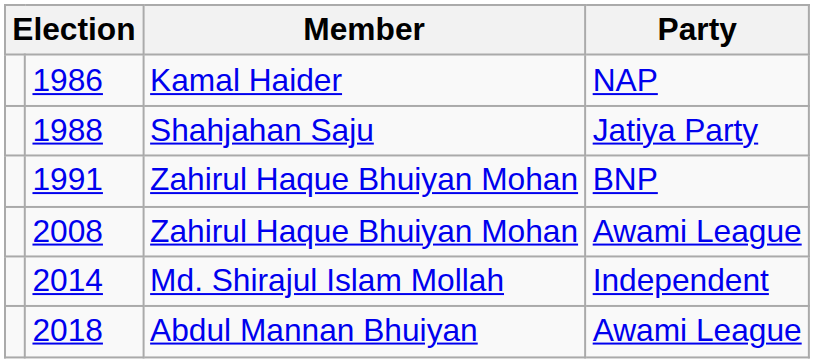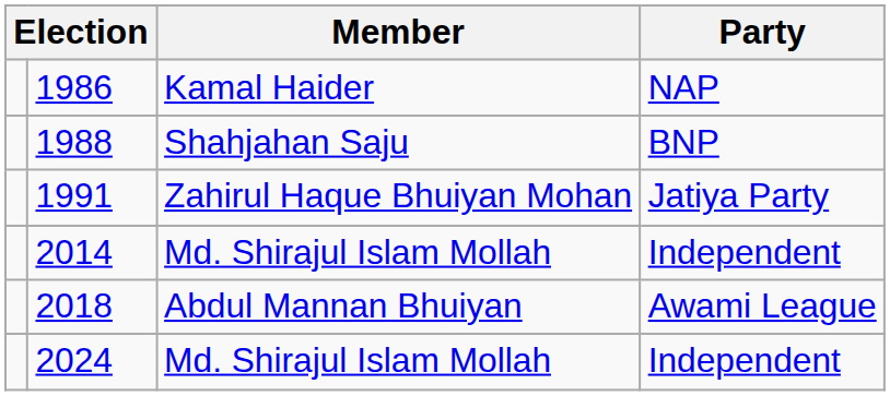 <table class="wikitable">
 <tr>
 <th colspan="2">Election</th>
 <th>Member</th>
 <th>Party</th>
 </tr>
 <tr>
 <td style="background-color:"></td>
 <td><a href='#'>1986</a></td>
 <td><a href='#'>Kamal Haider</a></td>
 <td><a href='#'>NAP</a></td>
 </tr>
 <tr>
 <td style="background-color:"></td>
 <td><a href='#'>1988</a></td>
 <td><a href='#'>Shahjahan Saju</a></td>
-<td><a href='#'>Jatiya Party</a></td>
+<td><a href='#'>BNP</a></td>
 </tr>
 <tr>
 <td style="background-color:"></td>
 <td><a href='#'>1991</a></td>
 <td><a href='#'>Zahirul Haque Bhuiyan Mohan</a></td>
-<td><a href='#'>BNP</a></td>
-</tr>
-<tr>
-<td style="background-color:"></td>
-<td><a href='#'>2008</a></td>
-<td><a href='#'>Zahirul Haque Bhuiyan Mohan</a></td>
-<td><a href='#'>Awami League</a></td>
+<td><a href='#'>Jatiya Party</a></td>
 </tr>
 <tr>
 <td style="background-color:"></td>
 <td><a href='#'>2014</a></td>
 <td><a href='#'>Md. Shirajul Islam Mollah</a></td>
 <td><a href='#'>Independent</a></td>
 </tr>
 <tr>
 <td style="background-color:"></td>
 <td><a href='#'>2018</a></td>
 <td><a href='#'>Abdul Mannan Bhuiyan</a></td>
 <td><a href='#'>Awami League</a></td>
 </tr>
+<tr>
+<td style="background-color:"></td>
+<td><a href='#'>2024</a></td>
+<td><a href='#'>Md. Shirajul Islam Mollah</a></td>
+<td><a href='#'>Independent</a></td>
+</tr>
 </table>
